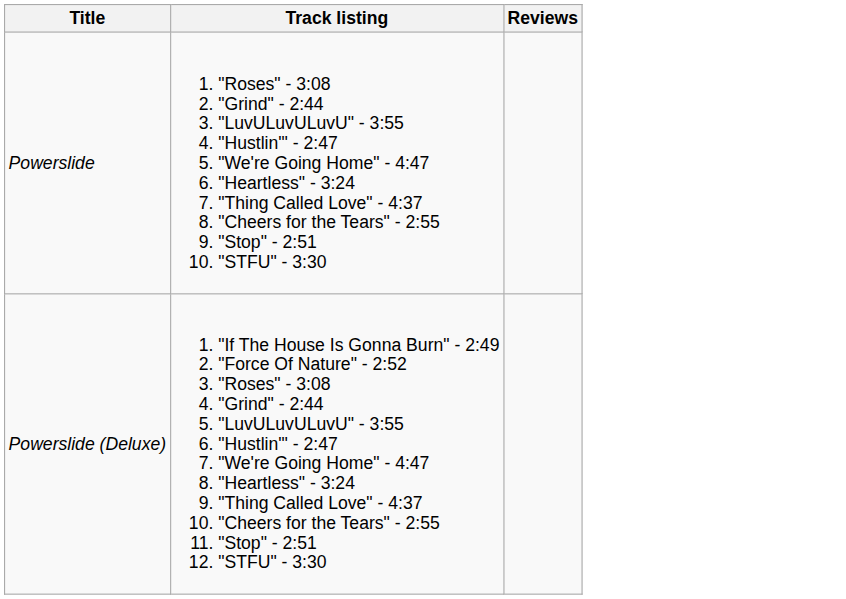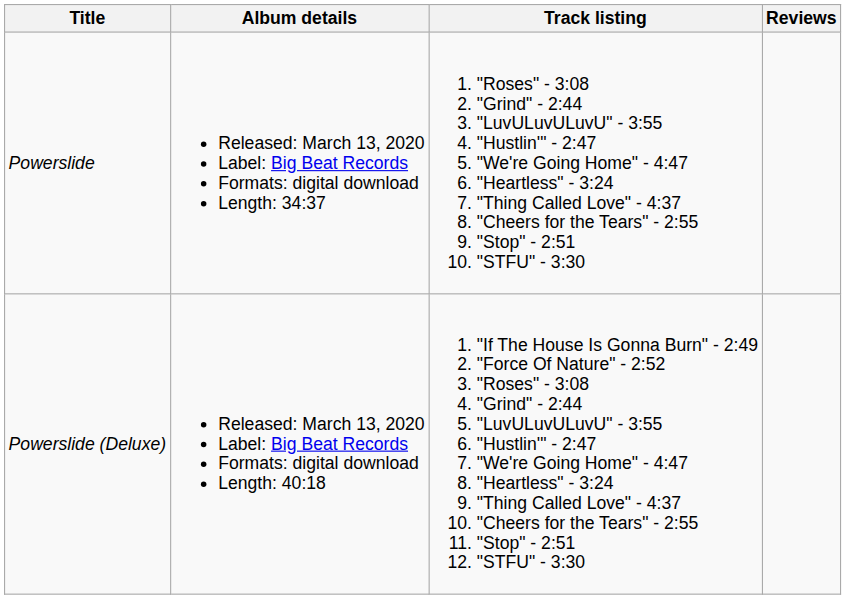 <table class="wikitable">
 <tr>
 <th>Title</th>
+<th>Album details</th>
 <th>Track listing</th>
 <th>Reviews</th>
 </tr>
 <tr>
 <td><em>Powerslide</em></td>
+<td><br><ul><li>Released: March 13, 2020</li><li>Label: <a href='#'>Big Beat Records</a></li><li>Formats: digital download</li><li>Length: 34:37</li></ul></td>
 <td><br><ol><li>"Roses" - 3:08</li><li>"Grind" - 2:44</li><li>"LuvULuvULuvU" - 3:55</li><li>"Hustlin'" - 2:47</li><li>"We're Going Home" - 4:47</li><li>"Heartless" - 3:24</li><li>"Thing Called Love" - 4:37</li><li>"Cheers for the Tears" - 2:55</li><li>"Stop" - 2:51</li><li>"STFU" - 3:30</li></ol></td>
 <td><br></td>
 </tr>
 <tr>
 <td><em>Powerslide (Deluxe)</em></td>
+<td><br><ul><li>Released: March 13, 2020</li><li>Label: <a href='#'>Big Beat Records</a></li><li>Formats: digital download</li><li>Length: 40:18</li></ul></td>
 <td><br><ol><li>"If The House Is Gonna Burn" - 2:49</li><li>"Force Of Nature" - 2:52</li><li>"Roses" - 3:08</li><li>"Grind" - 2:44</li><li>"LuvULuvULuvU" - 3:55</li><li>"Hustlin'" - 2:47</li><li>"We're Going Home" - 4:47</li><li>"Heartless" - 3:24</li><li>"Thing Called Love" - 4:37</li><li>"Cheers for the Tears" - 2:55</li><li>"Stop" - 2:51</li><li>"STFU" - 3:30</li></ol></td>
 <td></td>
 </tr>
 </table>
